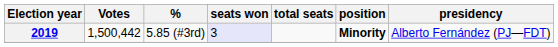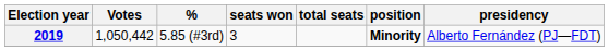 <table class="wikitable">
 <tr>
 <th>Election year</th>
 <th>Votes</th>
 <th>%</th>
 <th>seats won</th>
 <th>total seats</th>
 <th>position</th>
 <th>presidency</th>
 </tr>
 <tr>
 <th><a href='#'>2019</a></th>
-<td>1,500,442</td>
+<td>1,050,442</td>
 <td>5.85 (#3rd)</td>
-<td style="background: lavender;">3</td>
+<td>3</td>
 <td></td>
 <td><strong>Minority</strong></td>
 <td><a href='#'>Alberto Fernández</a> (<a href='#'>PJ</a>—<a href='#'>FDT</a>)</td>
 </tr>
 <tr>
 </tr>
 </table>
